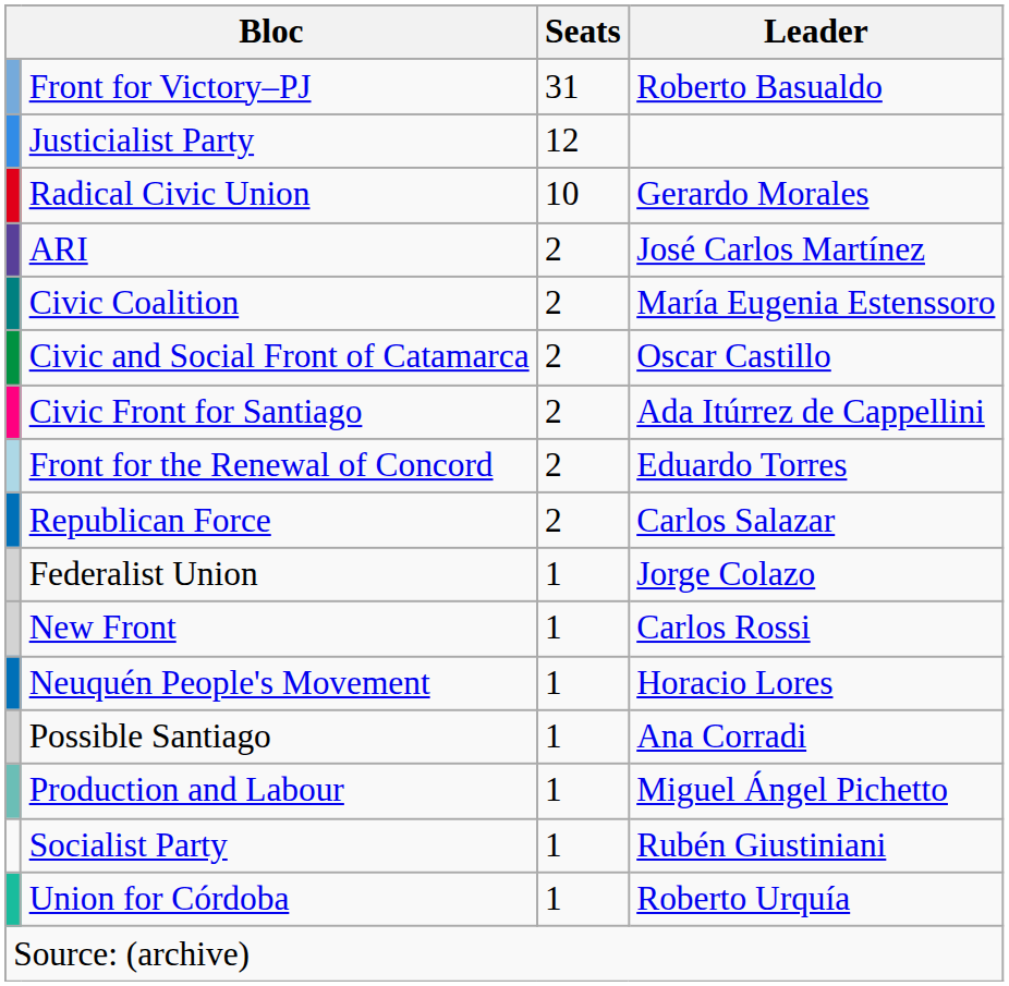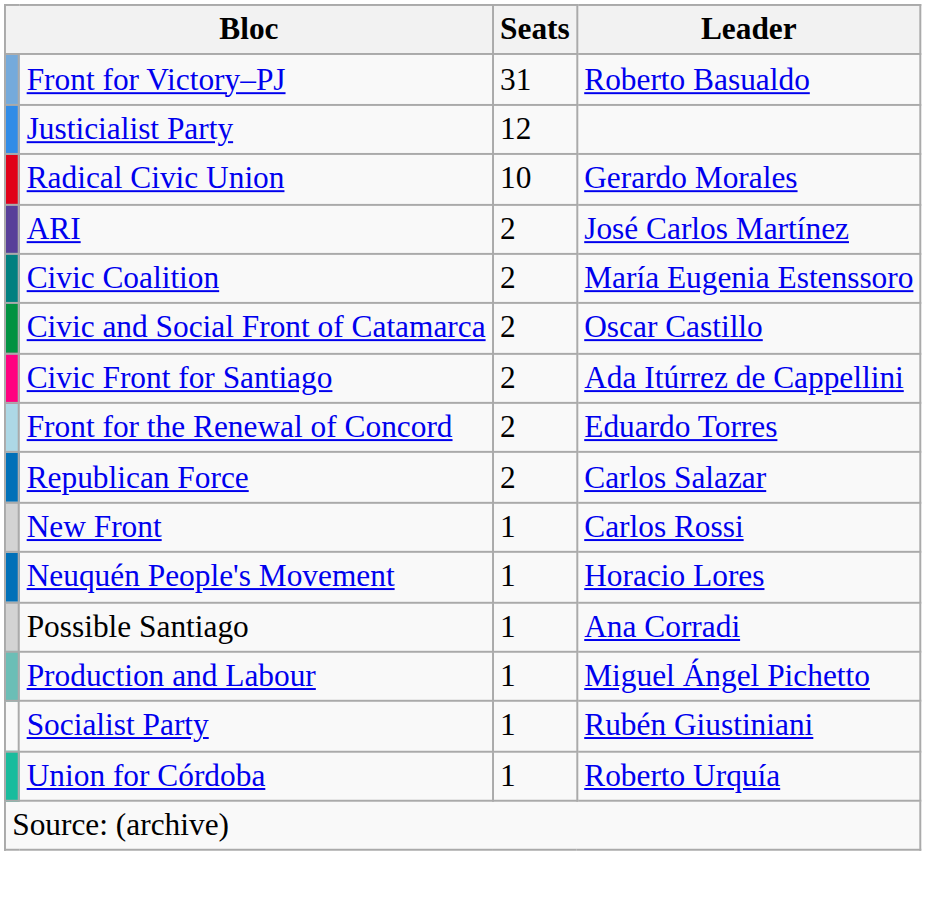 <table class="wikitable">
 <tr>
 <th colspan="2">Bloc</th>
 <th>Seats</th>
 <th>Leader</th>
 </tr>
 <tr>
 <td style="background-color: #75AADB"></td>
 <td><a href='#'>Front for Victory–PJ</a></td>
 <td>31</td>
 <td><a href='#'>Roberto Basualdo</a></td>
 </tr>
 <tr>
 <td style="background-color: #318CE7"></td>
 <td><a href='#'>Justicialist Party</a></td>
 <td>12</td>
 <td></td>
 </tr>
 <tr>
 <td style="background-color: #E10019"></td>
 <td><a href='#'>Radical Civic Union</a></td>
 <td>10</td>
 <td><a href='#'>Gerardo Morales</a></td>
 </tr>
 <tr>
 <td style="background-color: #583f99"></td>
 <td><a href='#'>ARI</a></td>
 <td>2</td>
 <td><a href='#'>José Carlos Martínez</a></td>
 </tr>
 <tr>
 <td style="background-color: #008080"></td>
 <td><a href='#'>Civic Coalition</a></td>
 <td>2</td>
 <td><a href='#'>María Eugenia Estenssoro</a></td>
 </tr>
 <tr>
 <td style="background-color: #009241"></td>
 <td><a href='#'>Civic and Social Front of Catamarca</a></td>
 <td>2</td>
 <td><a href='#'>Oscar Castillo</a></td>
 </tr>
 <tr>
 <td style="background-color: #FF0080"></td>
 <td><a href='#'>Civic Front for Santiago</a></td>
 <td>2</td>
 <td><a href='#'>Ada Itúrrez de Cappellini</a></td>
 </tr>
 <tr>
 <td style="background-color: #ADD8E6"></td>
 <td><a href='#'>Front for the Renewal of Concord</a></td>
 <td>2</td>
 <td><a href='#'>Eduardo Torres</a></td>
 </tr>
 <tr>
 <td style="background-color: #0070B8"></td>
 <td><a href='#'>Republican Force</a></td>
 <td>2</td>
 <td><a href='#'>Carlos Salazar</a></td>
 </tr>
 <tr>
 <td style="background-color: #D3D3D3"></td>
-<td>Federalist Union</td>
-<td>1</td>
-<td><a href='#'>Jorge Colazo</a></td>
-</tr>
-<tr>
-<td style="background-color: #D3D3D3"></td>
 <td><a href='#'>New Front</a></td>
 <td>1</td>
 <td><a href='#'>Carlos Rossi</a></td>
 </tr>
 <tr>
 <td style="background-color: #0070b8"></td>
 <td><a href='#'>Neuquén People's Movement</a></td>
 <td>1</td>
 <td><a href='#'>Horacio Lores</a></td>
 </tr>
 <tr>
 <td style="background-color: #D3D3D3"></td>
 <td>Possible Santiago</td>
 <td>1</td>
 <td><a href='#'>Ana Corradi</a></td>
 </tr>
 <tr>
 <td style="background-color: #6bbeb6"></td>
 <td><a href='#'>Production and Labour</a></td>
 <td>1</td>
 <td><a href='#'>Miguel Ángel Pichetto</a></td>
 </tr>
 <tr>
 <td style="background-color: "></td>
 <td><a href='#'>Socialist Party</a></td>
 <td>1</td>
 <td><a href='#'>Rubén Giustiniani</a></td>
 </tr>
 <tr>
 <td style="background-color: #19bc9d"></td>
 <td><a href='#'>Union for Córdoba</a></td>
 <td>1</td>
 <td><a href='#'>Roberto Urquía</a></td>
 </tr>
 <tr>
 <td colspan=4>Source:  (archive)</td>
 </tr>
 </table>
